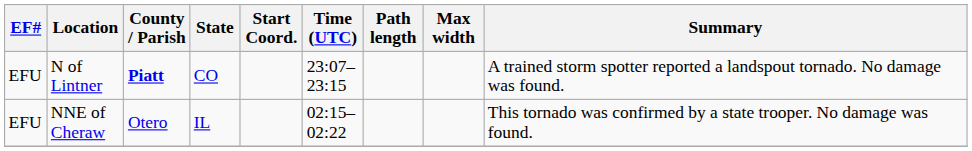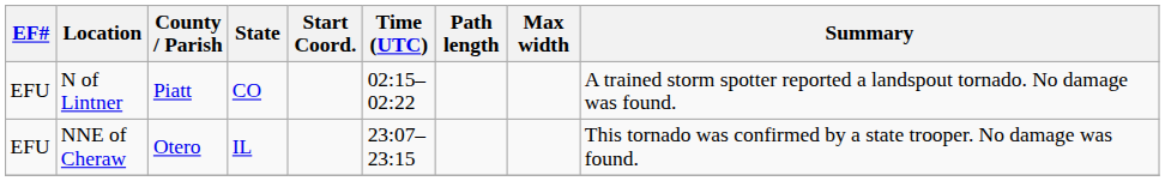 <table class="wikitable sortable" style="width:100%;">
 <tr>
 <th scope="col"  style="width:3%; text-align:center;"><a href='#'>EF#</a></th>
 <th scope="col"  style="width:7%; text-align:center;" class="unsortable">Location</th>
 <th scope="col"  style="width:6%; text-align:center;" class="unsortable">County / Parish</th>
 <th scope="col"  style="width:5%; text-align:center;">State</th>
 <th scope="col"  style="width:6%; text-align:center;">Start Coord.</th>
 <th scope="col"  style="width:6%; text-align:center;">Time (<a href='#'>UTC</a>)</th>
 <th scope="col"  style="width:6%; text-align:center;">Path length</th>
 <th scope="col"  style="width:6%; text-align:center;">Max width</th>
 <th scope="col" class="unsortable" style="width:48%; text-align:center;">Summary</th>
 </tr>
 <tr>
 <td>EFU</td>
 <td>N of <a href='#'>Lintner</a></td>
-<td><strong><a href='#'>Piatt</a></strong></td>
+<td><a href='#'>Piatt</a></td>
 <td><a href='#'>CO</a></td>
 <td></td>
-<td>23:07–23:15</td>
+<td>02:15–02:22</td>
 <td></td>
 <td></td>
 <td>A trained storm spotter reported a landspout tornado. No damage was found.</td>
 </tr>
 <tr>
 <td>EFU</td>
 <td>NNE of <a href='#'>Cheraw</a></td>
 <td><a href='#'>Otero</a></td>
 <td><a href='#'>IL</a></td>
 <td></td>
-<td>02:15–02:22</td>
+<td>23:07–23:15</td>
 <td></td>
 <td></td>
 <td>This tornado was confirmed by a state trooper. No damage was found.</td>
 </tr>
 <tr>
 </tr>
 </table>
